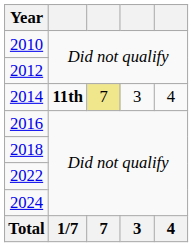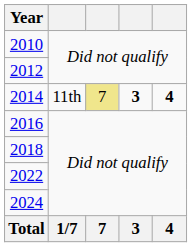 <table class="wikitable" style="text-align:center">
 <tr>
 <th>Year</th>
 <th></th>
 <th width=25></th>
 <th width=25></th>
 <th width=25></th>
 </tr>
 <tr>
 <td> <a href='#'>2010</a></td>
 <td colspan=4 rowspan=2><em>Did not qualify</em></td>
 </tr>
 <tr>
 <td> <a href='#'>2012</a></td>
 </tr>
 <tr>
 <td> <a href='#'>2014</a></td>
-<td><strong>11th</strong></td>
+<td>11th</td>
 <td style="background: khaki;">7</td>
-<td>3</td>
-<td>4</td>
+<td><strong>3</strong></td>
+<td><strong>4</strong></td>
 </tr>
 <tr>
 <td> <a href='#'>2016</a></td>
 <td colspan=4 rowspan=4><em>Did not qualify</em></td>
 </tr>
 <tr>
 <td> <a href='#'>2018</a></td>
 </tr>
 <tr>
 <td> <a href='#'>2022</a></td>
 </tr>
 <tr>
 <td> <a href='#'>2024</a></td>
 </tr>
 <tr>
 <th>Total</th>
 <th>1/7</th>
 <th>7</th>
 <th>3</th>
 <th>4</th>
 </tr>
 </table>
